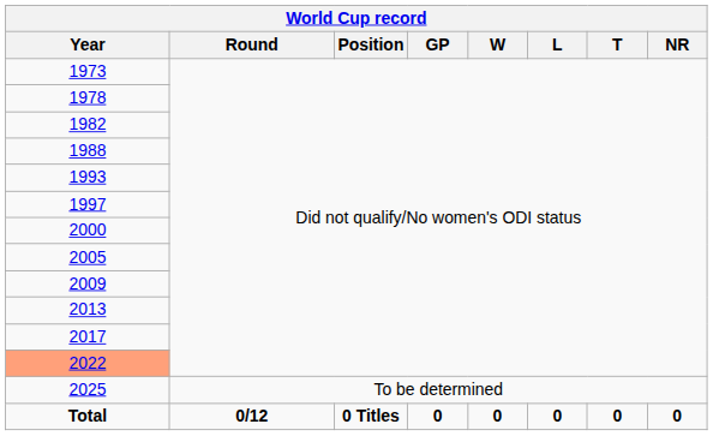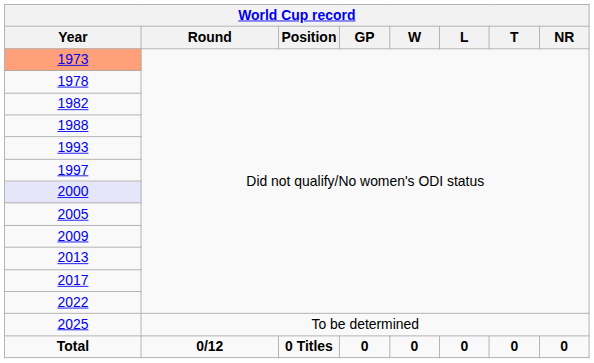 <table class="wikitable" style="text-align: center;">
 <tr>
 <th colspan=8><a href='#'>World Cup record</a></th>
 </tr>
 <tr>
 <th width=150>Year</th>
 <th width=150>Round</th>
 <th width=50>Position</th>
 <th width=50>GP</th>
 <th width=50>W</th>
 <th width=50>L</th>
 <th width=50>T</th>
 <th width=50>NR</th>
 </tr>
 <tr>
-<td> <a href='#'>1973</a></td>
+<td style="background: lightsalmon;"> <a href='#'>1973</a></td>
 <td colspan=7  rowspan=12>Did not qualify/No women's ODI status</td>
 </tr>
 <tr>
 <td> <a href='#'>1978</a></td>
 </tr>
 <tr>
 <td> <a href='#'>1982</a></td>
 </tr>
 <tr>
 <td> <a href='#'>1988</a></td>
 </tr>
 <tr>
 <td> <a href='#'>1993</a></td>
 </tr>
 <tr>
 <td> <a href='#'>1997</a></td>
 </tr>
 <tr>
-<td> <a href='#'>2000</a></td>
+<td style="background: lavender;"> <a href='#'>2000</a></td>
 </tr>
 <tr>
 <td> <a href='#'>2005</a></td>
 </tr>
 <tr>
 <td> <a href='#'>2009</a></td>
 </tr>
 <tr>
 <td> <a href='#'>2013</a></td>
 </tr>
 <tr>
 <td> <a href='#'>2017</a></td>
 </tr>
 <tr>
-<td style="background: lightsalmon;"> <a href='#'>2022</a></td>
+<td> <a href='#'>2022</a></td>
 </tr>
 <tr>
 <td> <a href='#'>2025</a></td>
 <td colspan=8>To be determined</td>
 </tr>
 <tr>
 <td><strong>Total</strong></td>
 <td><strong>0/12</strong></td>
 <td><strong>0 Titles</strong></td>
 <td><strong>0</strong></td>
 <td><strong>0</strong></td>
 <td><strong>0</strong></td>
 <td><strong>0</strong></td>
 <td><strong>0</strong></td>
 </tr>
 </table>
